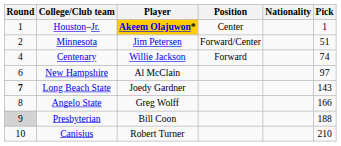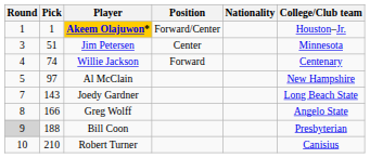 <table class="wikitable sortable sortable">
 <tr>
 <th>Round</th>
-<th>College/Club team</th>
+<th>Pick</th>
 <th>Player</th>
 <th>Position</th>
 <th>Nationality</th>
-<th>Pick</th>
+<th>College/Club team</th>
 </tr>
 <tr style="text-align: center">
 <td>1</td>
+<td>1</td>
+<td bgcolor="#FFCC00"><strong><a href='#'>Akeem Olajuwon</a>*</strong></td>
+<td>Forward/Center</td>
+<td></td>
 <td><a href='#'>Houston</a>–<a href='#'>Jr.</a></td>
-<td bgcolor="#FFCC00"><strong><a href='#'>Akeem Olajuwon</a>*</strong></td>
+</tr>
+<tr style="text-align: center">
+<td>3</td>
+<td>51</td>
+<td><a href='#'>Jim Petersen</a></td>
 <td>Center</td>
 <td></td>
-<td>1</td>
-</tr>
-<tr style="text-align: center">
-<td>2</td>
 <td><a href='#'>Minnesota</a></td>
-<td><a href='#'>Jim Petersen</a></td>
-<td>Forward/Center</td>
-<td></td>
-<td>51</td>
 </tr>
 <tr style="text-align: center">
 <td>4</td>
-<td><a href='#'>Centenary</a></td>
+<td>74</td>
 <td><a href='#'>Willie Jackson</a></td>
 <td>Forward</td>
 <td></td>
-<td>74</td>
+<td><a href='#'>Centenary</a></td>
 </tr>
 <tr style="text-align: center">
-<td>6</td>
-<td><a href='#'>New Hampshire</a></td>
+<td>5</td>
+<td>97</td>
 <td>Al McClain</td>
 <td></td>
 <td></td>
-<td>97</td>
+<td><a href='#'>New Hampshire</a></td>
 </tr>
 <tr style="text-align: center">
-<td><strong>7</strong></td>
-<td><a href='#'>Long Beach State</a></td>
+<td>7</td>
+<td>143</td>
 <td>Joedy Gardner</td>
 <td></td>
 <td></td>
-<td>143</td>
+<td><a href='#'>Long Beach State</a></td>
 </tr>
 <tr style="text-align: center">
 <td>8</td>
-<td><a href='#'>Angelo State</a></td>
+<td>166</td>
 <td>Greg Wolff</td>
 <td></td>
 <td></td>
-<td>166</td>
+<td><a href='#'>Angelo State</a></td>
 </tr>
 <tr style="text-align: center">
 <td style="background: lightgrey;">9</td>
-<td><a href='#'>Presbyterian</a></td>
+<td>188</td>
 <td>Bill Coon</td>
 <td></td>
 <td></td>
-<td>188</td>
+<td><a href='#'>Presbyterian</a></td>
 </tr>
 <tr style="text-align: center">
 <td>10</td>
-<td><a href='#'>Canisius</a></td>
+<td>210</td>
 <td>Robert Turner</td>
 <td></td>
 <td></td>
-<td>210</td>
+<td><a href='#'>Canisius</a></td>
 </tr>
 </table>
